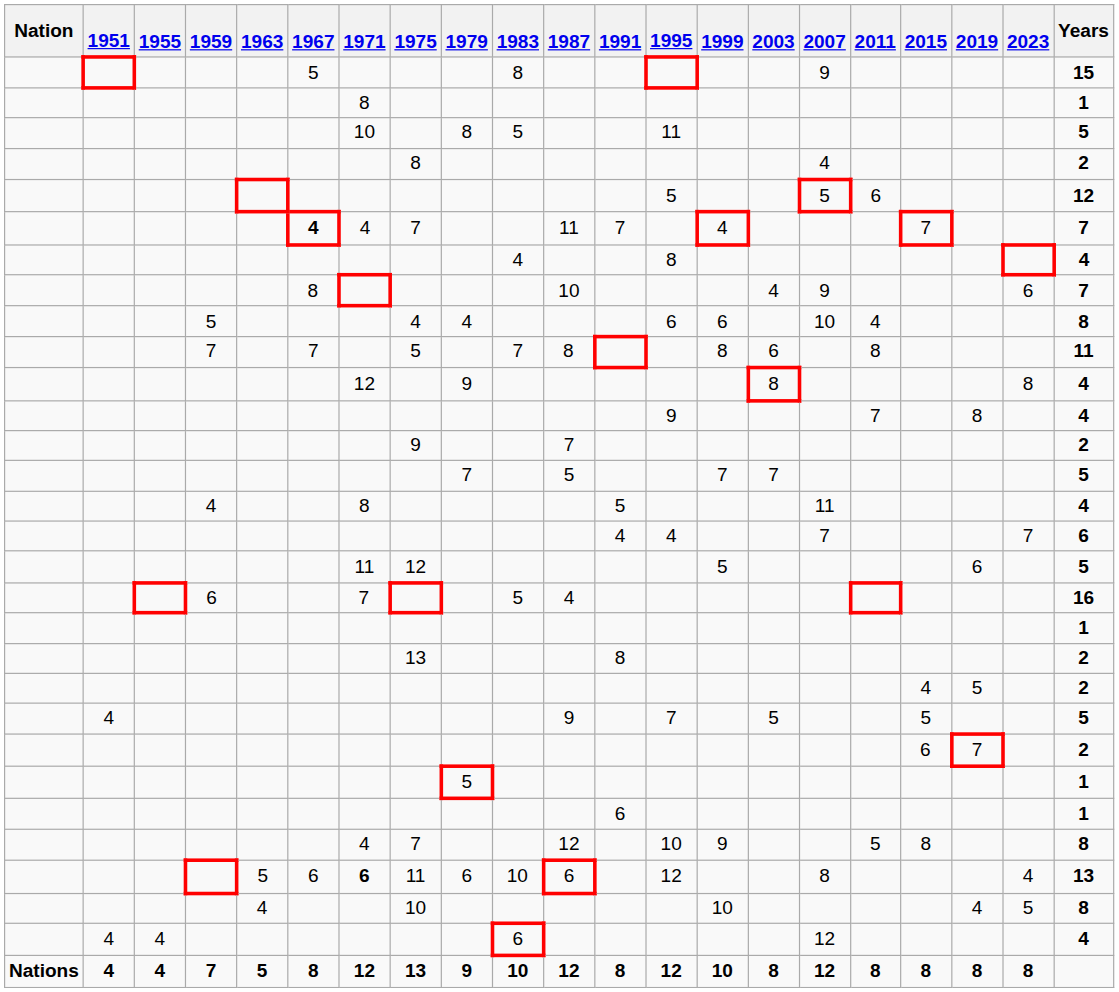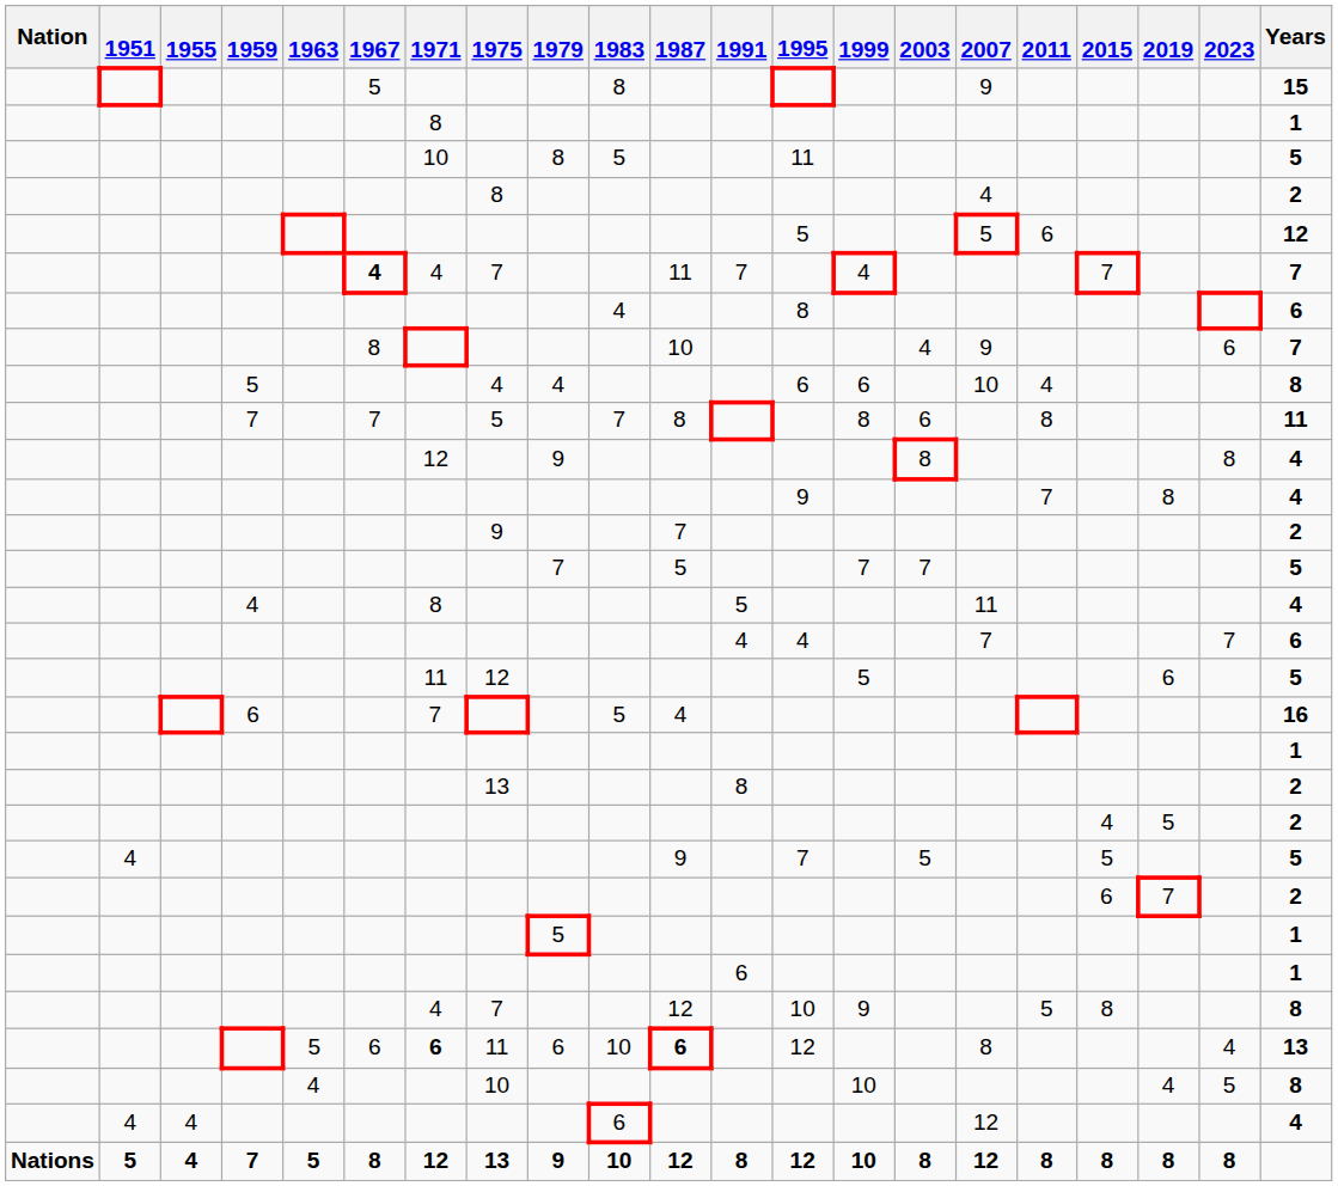 <table class="wikitable" style="text-align: center;">
 <tr>
 <th>Nation</th>
 <th><br><a href='#'>1951</a></th>
 <th><br><a href='#'>1955</a></th>
 <th><br><a href='#'>1959</a></th>
 <th><br><a href='#'>1963</a></th>
 <th><br><a href='#'>1967</a></th>
 <th><br><a href='#'>1971</a></th>
 <th><br><a href='#'>1975</a></th>
 <th><br><a href='#'>1979</a></th>
 <th><br><a href='#'>1983</a></th>
 <th><br><a href='#'>1987</a></th>
 <th><br><a href='#'>1991</a></th>
 <th><br><a href='#'>1995</a></th>
 <th><br><a href='#'>1999</a></th>
 <th><br><a href='#'>2003</a></th>
 <th><br><a href='#'>2007</a></th>
 <th><br><a href='#'>2011</a></th>
 <th><br><a href='#'>2015</a></th>
 <th><br><a href='#'>2019</a></th>
 <th><br><a href='#'>2023</a></th>
 <th>Years</th>
 </tr>
 <tr>
 <td align=left></td>
 <td style="border: 3px solid red"></td>
 <td></td>
 <td></td>
 <td></td>
 <td>5</td>
 <td></td>
 <td></td>
 <td></td>
 <td>8</td>
 <td></td>
 <td></td>
 <td style="border: 3px solid red"></td>
 <td></td>
 <td></td>
 <td>9</td>
 <td></td>
 <td></td>
 <td></td>
 <td></td>
 <td><strong>15</strong></td>
 </tr>
 <tr>
 <td align=left></td>
 <td></td>
 <td></td>
 <td></td>
 <td></td>
 <td></td>
 <td>8</td>
 <td></td>
 <td></td>
 <td></td>
 <td></td>
 <td></td>
 <td></td>
 <td></td>
 <td></td>
 <td></td>
 <td></td>
 <td></td>
 <td></td>
 <td></td>
 <td><strong>1</strong></td>
 </tr>
 <tr>
 <td align=left></td>
 <td></td>
 <td></td>
 <td></td>
 <td></td>
 <td></td>
 <td>10</td>
 <td></td>
 <td>8</td>
 <td>5</td>
 <td></td>
 <td></td>
 <td>11</td>
 <td></td>
 <td></td>
 <td></td>
 <td></td>
 <td></td>
 <td></td>
 <td></td>
 <td><strong>5</strong></td>
 </tr>
 <tr>
 <td align=left></td>
 <td></td>
 <td></td>
 <td></td>
 <td></td>
 <td></td>
 <td></td>
 <td>8</td>
 <td></td>
 <td></td>
 <td></td>
 <td></td>
 <td></td>
 <td></td>
 <td></td>
 <td>4</td>
 <td></td>
 <td></td>
 <td></td>
 <td></td>
 <td><strong>2</strong></td>
 </tr>
 <tr>
 <td align=left></td>
 <td></td>
 <td></td>
 <td></td>
 <td style="border: 3px solid red"></td>
 <td></td>
 <td></td>
 <td></td>
 <td></td>
 <td></td>
 <td></td>
 <td></td>
 <td>5</td>
 <td></td>
 <td></td>
 <td style="border: 3px solid red">5</td>
 <td>6</td>
 <td></td>
 <td></td>
 <td></td>
 <td><strong>12</strong></td>
 </tr>
 <tr>
 <td align=left></td>
 <td></td>
 <td></td>
 <td></td>
 <td></td>
 <td style="border: 3px solid red"><strong>4</strong></td>
 <td>4</td>
 <td>7</td>
 <td></td>
 <td></td>
 <td>11</td>
 <td>7</td>
 <td></td>
 <td style="border: 3px solid red">4</td>
 <td></td>
 <td></td>
 <td></td>
 <td style="border: 3px solid red">7</td>
 <td></td>
 <td></td>
 <td><strong>7</strong></td>
 </tr>
 <tr>
 <td align=left></td>
 <td></td>
 <td></td>
 <td></td>
 <td></td>
 <td></td>
 <td></td>
 <td></td>
 <td></td>
 <td>4</td>
 <td></td>
 <td></td>
 <td>8</td>
 <td></td>
 <td></td>
 <td></td>
 <td></td>
 <td></td>
 <td></td>
 <td style="border: 3px solid red"></td>
-<td><strong>4</strong></td>
+<td><strong>6</strong></td>
 </tr>
 <tr>
 <td align=left></td>
 <td></td>
 <td></td>
 <td></td>
 <td></td>
 <td>8</td>
 <td style="border: 3px solid red"></td>
 <td></td>
 <td></td>
 <td></td>
 <td>10</td>
 <td></td>
 <td></td>
 <td></td>
 <td>4</td>
 <td>9</td>
 <td></td>
 <td></td>
 <td></td>
 <td>6</td>
 <td><strong>7</strong></td>
 </tr>
 <tr>
 <td align=left></td>
 <td></td>
 <td></td>
 <td>5</td>
 <td></td>
 <td></td>
 <td></td>
 <td>4</td>
 <td>4</td>
 <td></td>
 <td></td>
 <td></td>
 <td>6</td>
 <td>6</td>
 <td></td>
 <td>10</td>
 <td>4</td>
 <td></td>
 <td></td>
 <td></td>
 <td><strong>8</strong></td>
 </tr>
 <tr>
 <td align=left></td>
 <td></td>
 <td></td>
 <td>7</td>
 <td></td>
 <td>7</td>
 <td></td>
 <td>5</td>
 <td></td>
 <td>7</td>
 <td>8</td>
 <td style="border: 3px solid red"></td>
 <td></td>
 <td>8</td>
 <td>6</td>
 <td></td>
 <td>8</td>
 <td></td>
 <td></td>
 <td></td>
 <td><strong>11</strong></td>
 </tr>
 <tr>
 <td align=left></td>
 <td></td>
 <td></td>
 <td></td>
 <td></td>
 <td></td>
 <td>12</td>
 <td></td>
 <td>9</td>
 <td></td>
 <td></td>
 <td></td>
 <td></td>
 <td></td>
 <td style="border: 3px solid red">8</td>
 <td></td>
 <td></td>
 <td></td>
 <td></td>
 <td>8</td>
 <td><strong>4</strong></td>
 </tr>
 <tr>
 <td align=left></td>
 <td></td>
 <td></td>
 <td></td>
 <td></td>
 <td></td>
 <td></td>
 <td></td>
 <td></td>
 <td></td>
 <td></td>
 <td></td>
 <td>9</td>
 <td></td>
 <td></td>
 <td></td>
 <td>7</td>
 <td></td>
 <td>8</td>
 <td></td>
 <td><strong>4</strong></td>
 </tr>
 <tr>
 <td align=left></td>
 <td></td>
 <td></td>
 <td></td>
 <td></td>
 <td></td>
 <td></td>
 <td>9</td>
 <td></td>
 <td></td>
 <td>7</td>
 <td></td>
 <td></td>
 <td></td>
 <td></td>
 <td></td>
 <td></td>
 <td></td>
 <td></td>
 <td></td>
 <td><strong>2</strong></td>
 </tr>
 <tr>
 <td align=left></td>
 <td></td>
 <td></td>
 <td></td>
 <td></td>
 <td></td>
 <td></td>
 <td></td>
 <td>7</td>
 <td></td>
 <td>5</td>
 <td></td>
 <td></td>
 <td>7</td>
 <td>7</td>
 <td></td>
 <td></td>
 <td></td>
 <td></td>
 <td></td>
 <td><strong>5</strong></td>
 </tr>
 <tr>
 <td align=left></td>
 <td></td>
 <td></td>
 <td>4</td>
 <td></td>
 <td></td>
 <td>8</td>
 <td></td>
 <td></td>
 <td></td>
 <td></td>
 <td>5</td>
 <td></td>
 <td></td>
 <td></td>
 <td>11</td>
 <td></td>
 <td></td>
 <td></td>
 <td></td>
 <td><strong>4</strong></td>
 </tr>
 <tr>
 <td align=left></td>
 <td></td>
 <td></td>
 <td></td>
 <td></td>
 <td></td>
 <td></td>
 <td></td>
 <td></td>
 <td></td>
 <td></td>
 <td>4</td>
 <td>4</td>
 <td></td>
 <td></td>
 <td>7</td>
 <td></td>
 <td></td>
 <td></td>
 <td>7</td>
 <td><strong>6</strong></td>
 </tr>
 <tr>
 <td align=left></td>
 <td></td>
 <td></td>
 <td></td>
 <td></td>
 <td></td>
 <td>11</td>
 <td>12</td>
 <td></td>
 <td></td>
 <td></td>
 <td></td>
 <td></td>
 <td>5</td>
 <td></td>
 <td></td>
 <td></td>
 <td></td>
 <td>6</td>
 <td></td>
 <td><strong>5</strong></td>
 </tr>
 <tr>
 <td align=left></td>
 <td></td>
 <td style="border: 3px solid red"></td>
 <td>6</td>
 <td></td>
 <td></td>
 <td>7</td>
 <td style="border: 3px solid red"></td>
 <td></td>
 <td>5</td>
 <td>4</td>
 <td></td>
 <td></td>
 <td></td>
 <td></td>
 <td></td>
 <td style="border: 3px solid red"></td>
 <td></td>
 <td></td>
 <td></td>
 <td><strong>16</strong></td>
 </tr>
 <tr>
 <td align=left></td>
 <td></td>
 <td></td>
 <td></td>
 <td></td>
 <td></td>
 <td></td>
 <td></td>
 <td></td>
 <td></td>
 <td></td>
 <td></td>
 <td></td>
 <td></td>
 <td></td>
 <td></td>
 <td></td>
 <td></td>
 <td></td>
 <td></td>
 <td><strong>1</strong></td>
 </tr>
 <tr>
 <td align=left></td>
 <td></td>
 <td></td>
 <td></td>
 <td></td>
 <td></td>
 <td></td>
 <td>13</td>
 <td></td>
 <td></td>
 <td></td>
 <td>8</td>
 <td></td>
 <td></td>
 <td></td>
 <td></td>
 <td></td>
 <td></td>
 <td></td>
 <td></td>
 <td><strong>2</strong></td>
 </tr>
 <tr>
 <td align=left></td>
 <td></td>
 <td></td>
 <td></td>
 <td></td>
 <td></td>
 <td></td>
 <td></td>
 <td></td>
 <td></td>
 <td></td>
 <td></td>
 <td></td>
 <td></td>
 <td></td>
 <td></td>
 <td></td>
 <td>4</td>
 <td>5</td>
 <td></td>
 <td><strong>2</strong></td>
 </tr>
 <tr>
 <td align=left></td>
 <td>4</td>
 <td></td>
 <td></td>
 <td></td>
 <td></td>
 <td></td>
 <td></td>
 <td></td>
 <td></td>
 <td>9</td>
 <td></td>
 <td>7</td>
 <td></td>
 <td>5</td>
 <td></td>
 <td></td>
 <td>5</td>
 <td></td>
 <td></td>
 <td><strong>5</strong></td>
 </tr>
 <tr>
 <td align=left></td>
 <td></td>
 <td></td>
 <td></td>
 <td></td>
 <td></td>
 <td></td>
 <td></td>
 <td></td>
 <td></td>
 <td></td>
 <td></td>
 <td></td>
 <td></td>
 <td></td>
 <td></td>
 <td></td>
 <td>6</td>
 <td style="border: 3px solid red">7</td>
 <td></td>
 <td><strong>2</strong></td>
 </tr>
 <tr>
 <td align=left></td>
 <td></td>
 <td></td>
 <td></td>
 <td></td>
 <td></td>
 <td></td>
 <td></td>
 <td style="border: 3px solid red">5</td>
 <td></td>
 <td></td>
 <td></td>
 <td></td>
 <td></td>
 <td></td>
 <td></td>
 <td></td>
 <td></td>
 <td></td>
 <td></td>
 <td><strong>1</strong></td>
 </tr>
 <tr>
 <td align=left></td>
 <td></td>
 <td></td>
 <td></td>
 <td></td>
 <td></td>
 <td></td>
 <td></td>
 <td></td>
 <td></td>
 <td></td>
 <td>6</td>
 <td></td>
 <td></td>
 <td></td>
 <td></td>
 <td></td>
 <td></td>
 <td></td>
 <td></td>
 <td><strong>1</strong></td>
 </tr>
 <tr>
 <td align=left></td>
 <td></td>
 <td></td>
 <td></td>
 <td></td>
 <td></td>
 <td>4</td>
 <td>7</td>
 <td></td>
 <td></td>
 <td>12</td>
 <td></td>
 <td>10</td>
 <td>9</td>
 <td></td>
 <td></td>
 <td>5</td>
 <td>8</td>
 <td></td>
 <td></td>
 <td><strong>8</strong></td>
 </tr>
 <tr>
 <td align=left></td>
 <td></td>
 <td></td>
 <td style="border: 3px solid red"></td>
 <td>5</td>
 <td>6</td>
 <td><strong>6</strong></td>
 <td>11</td>
 <td>6</td>
 <td>10</td>
-<td style="border: 3px solid red">6</td>
+<td style="border: 3px solid red"><strong>6</strong></td>
 <td></td>
 <td>12</td>
 <td></td>
 <td></td>
 <td>8</td>
 <td></td>
 <td></td>
 <td></td>
 <td>4</td>
 <td><strong>13</strong></td>
 </tr>
 <tr>
 <td align=left></td>
 <td></td>
 <td></td>
 <td></td>
 <td>4</td>
 <td></td>
 <td></td>
 <td>10</td>
 <td></td>
 <td></td>
 <td></td>
 <td></td>
 <td></td>
 <td>10</td>
 <td></td>
 <td></td>
 <td></td>
 <td></td>
 <td>4</td>
 <td>5</td>
 <td><strong>8</strong></td>
 </tr>
 <tr>
 <td align=left></td>
 <td>4</td>
 <td>4</td>
 <td></td>
 <td></td>
 <td></td>
 <td></td>
 <td></td>
 <td></td>
 <td style="border: 3px solid red">6</td>
 <td></td>
 <td></td>
 <td></td>
 <td></td>
 <td></td>
 <td>12</td>
 <td></td>
 <td></td>
 <td></td>
 <td></td>
 <td><strong>4</strong></td>
 </tr>
 <tr>
 <td><strong>Nations</strong></td>
-<td><strong>4</strong></td>
+<td><strong>5</strong></td>
 <td><strong>4</strong></td>
 <td><strong>7</strong></td>
 <td><strong>5</strong></td>
 <td><strong>8</strong></td>
 <td><strong>12</strong></td>
 <td><strong>13</strong></td>
 <td><strong>9</strong></td>
 <td><strong>10</strong></td>
 <td><strong>12</strong></td>
 <td><strong>8</strong></td>
 <td><strong>12</strong></td>
 <td><strong>10</strong></td>
 <td><strong>8</strong></td>
 <td><strong>12</strong></td>
 <td><strong>8</strong></td>
 <td><strong>8</strong></td>
 <td><strong>8</strong></td>
 <td><strong>8</strong></td>
 </tr>
 </table>
